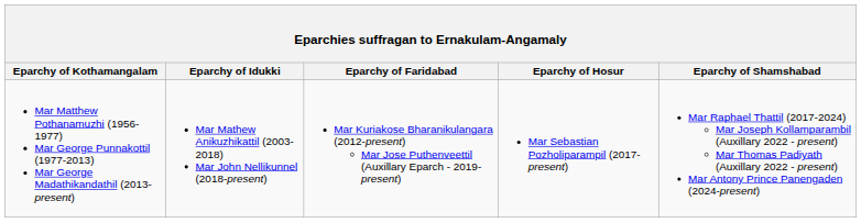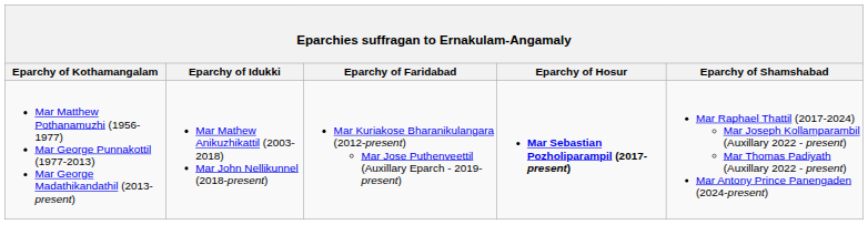 <table class="wikitable sortable">
 <tr>
 <th colspan="5"><br><h3>Eparchies suffragan to Ernakulam-Angamaly</h3></th>
 </tr>
 <tr>
 <th>Eparchy of Kothamangalam</th>
 <th>Eparchy of Idukki</th>
 <th>Eparchy of Faridabad</th>
 <th>Eparchy of Hosur</th>
 <th>Eparchy of Shamshabad</th>
 </tr>
 <tr>
 <td><br><ul><li><a href='#'>Mar Matthew Pothanamuzhi</a> (1956-1977)</li><li><a href='#'>Mar George Punnakottil</a> (1977-2013)</li><li><a href='#'>Mar George Madathikandathil</a> (2013-<em>present</em>)</li></ul></td>
 <td><br><ul><li><a href='#'>Mar Mathew Anikuzhikattil</a> (2003-2018)</li><li><a href='#'>Mar John Nellikunnel</a> (2018-<em>present</em>)</li></ul></td>
 <td><br><ul><li><a href='#'>Mar Kuriakose Bharanikulangara</a> (2012-<em>present</em>)<ul><li><a href='#'>Mar Jose Puthenveettil</a> (Auxillary Eparch - 2019-<em>present</em>)</li></ul></li></ul></td>
-<td><br><ul><li><a href='#'> Mar Sebastian Pozholiparampil</a> (2017-<em>present</em>)</li></ul></td>
+<td><strong><br><ul><li><a href='#'> Mar Sebastian Pozholiparampil</a> (2017-<em>present</em>)</li></ul></strong></td>
 <td><br><ul><li><a href='#'>Mar Raphael Thattil</a> (2017-2024)<ul><li><a href='#'> Mar Joseph Kollamparambil</a> (Auxillary 2022 - <em>present</em>)</li><li><a href='#'> Mar Thomas Padiyath</a> (Auxillary 2022 - <em>present</em>)</li></ul></li><li><a href='#'>Mar  Antony Prince Panengaden</a> (2024-<em>present</em>)</li></ul></td>
 </tr>
 </table>
